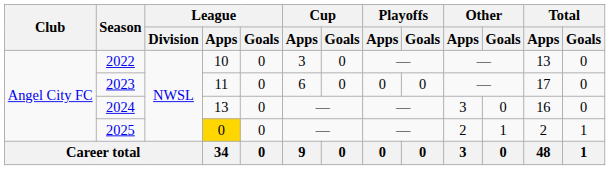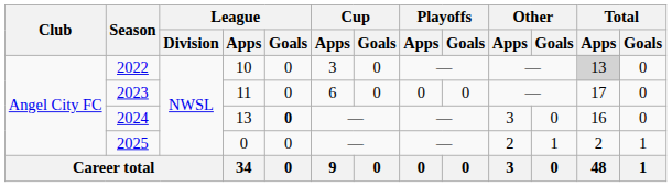 <table class="wikitable" style="text-align: center;">
 <tr>
 <th rowspan="2">Club</th>
 <th rowspan="2">Season</th>
 <th colspan="3">League</th>
 <th colspan="2">Cup</th>
 <th colspan="2">Playoffs</th>
 <th colspan="2">Other</th>
 <th colspan="2">Total</th>
 </tr>
 <tr>
 <th>Division</th>
 <th>Apps</th>
 <th>Goals</th>
 <th>Apps</th>
 <th>Goals</th>
 <th>Apps</th>
 <th>Goals</th>
 <th>Apps</th>
 <th>Goals</th>
 <th>Apps</th>
 <th>Goals</th>
 </tr>
 <tr>
 <td rowspan="4"><a href='#'>Angel City FC</a></td>
 <td><a href='#'>2022</a></td>
 <td rowspan="4"><a href='#'>NWSL</a></td>
 <td>10</td>
 <td>0</td>
 <td>3</td>
 <td>0</td>
 <td colspan="2">—</td>
 <td colspan="2">—</td>
-<td>13</td>
+<td style="background: lightgrey;">13</td>
 <td>0</td>
 </tr>
 <tr>
 <td><a href='#'>2023</a></td>
 <td>11</td>
 <td>0</td>
 <td>6</td>
 <td>0</td>
 <td>0</td>
 <td>0</td>
 <td colspan="2">—</td>
 <td>17</td>
 <td>0</td>
 </tr>
 <tr>
 <td><a href='#'>2024</a></td>
 <td>13</td>
-<td>0</td>
+<td><strong>0</strong></td>
 <td colspan="2">—</td>
 <td colspan="2">—</td>
 <td>3</td>
 <td>0</td>
 <td>16</td>
 <td>0</td>
 </tr>
 <tr>
 <td><a href='#'>2025</a></td>
-<td style="background: gold;">0</td>
+<td>0</td>
 <td>0</td>
 <td colspan="2">—</td>
 <td colspan="2">—</td>
 <td>2</td>
 <td>1</td>
 <td>2</td>
 <td>1</td>
 </tr>
 <tr>
 <th colspan="3">Career total</th>
 <th>34</th>
 <th>0</th>
 <th>9</th>
 <th>0</th>
 <th>0</th>
 <th>0</th>
 <th>3</th>
 <th>0</th>
 <th>48</th>
 <th>1</th>
 </tr>
 </table>
